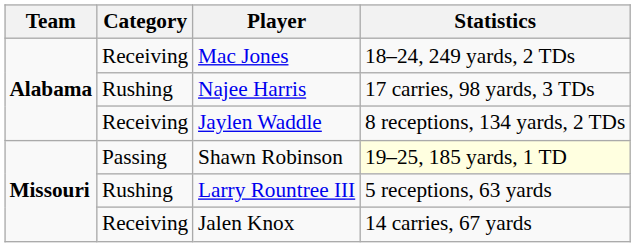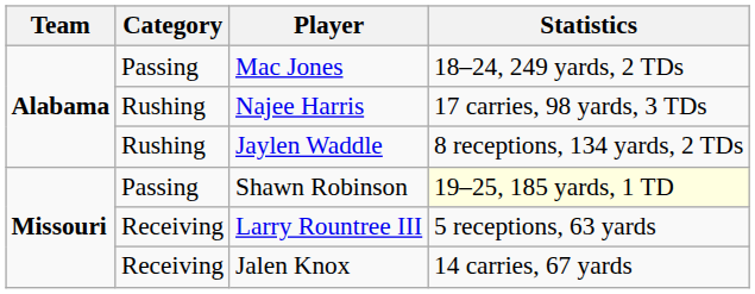 <table class="wikitable" style="float: right;">
 <tr>
 <th>Team</th>
 <th>Category</th>
 <th>Player</th>
 <th>Statistics</th>
 </tr>
 <tr>
 <td rowspan=3><strong>Alabama</strong></td>
-<td>Receiving</td>
+<td>Passing</td>
 <td><a href='#'>Mac Jones</a></td>
 <td>18–24, 249 yards, 2 TDs</td>
 </tr>
 <tr>
 <td>Rushing</td>
 <td><a href='#'>Najee Harris</a></td>
 <td>17 carries, 98 yards, 3 TDs</td>
 </tr>
 <tr>
-<td>Receiving</td>
+<td>Rushing</td>
 <td><a href='#'>Jaylen Waddle</a></td>
 <td>8 receptions, 134 yards, 2 TDs</td>
 </tr>
 <tr>
 <td rowspan=3><strong>Missouri</strong></td>
 <td>Passing</td>
 <td>Shawn Robinson</td>
 <td style="background: lightyellow;">19–25, 185 yards, 1 TD</td>
 </tr>
 <tr>
-<td>Rushing</td>
+<td>Receiving</td>
 <td><a href='#'>Larry Rountree III</a></td>
 <td>5 receptions, 63 yards</td>
 </tr>
 <tr>
 <td>Receiving</td>
 <td>Jalen Knox</td>
 <td>14 carries, 67 yards</td>
 </tr>
 </table>
